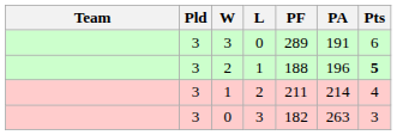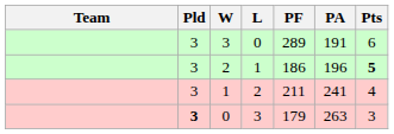 <table class="wikitable" style="text-align:center;">
 <tr>
 <th width=170>Team</th>
 <th width=25>Pld</th>
 <th width=25>W</th>
 <th width=25>L</th>
 <th width=35>PF</th>
 <th width=35>PA</th>
 <th width=25>Pts</th>
 </tr>
 <tr bgcolor=#ccffcc>
 <td align="left"></td>
 <td>3</td>
 <td>3</td>
 <td>0</td>
 <td>289</td>
 <td>191</td>
 <td>6</td>
 </tr>
 <tr bgcolor=#ccffcc>
 <td align="left"></td>
 <td>3</td>
 <td>2</td>
 <td>1</td>
-<td>188</td>
+<td>186</td>
 <td>196</td>
 <td><strong>5</strong></td>
 </tr>
 <tr bgcolor=#ffcccc>
 <td align="left"></td>
 <td>3</td>
 <td>1</td>
 <td>2</td>
 <td>211</td>
-<td>214</td>
+<td>241</td>
 <td>4</td>
 </tr>
 <tr bgcolor=#ffcccc>
 <td align="left"></td>
-<td>3</td>
+<td><strong>3</strong></td>
 <td>0</td>
 <td>3</td>
-<td>182</td>
+<td>179</td>
 <td>263</td>
 <td>3</td>
 </tr>
 </table>
